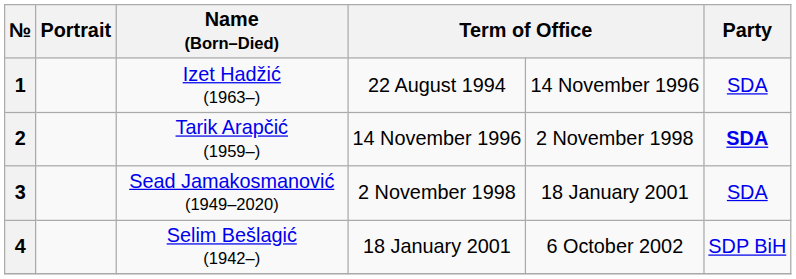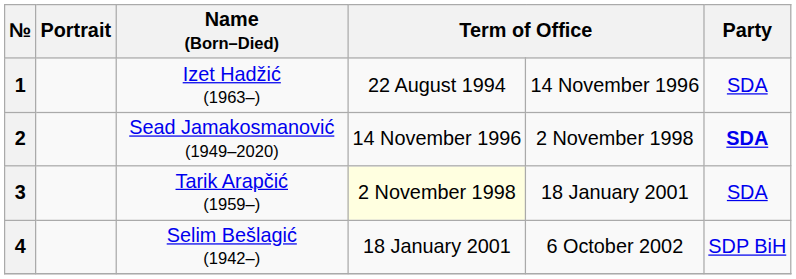 <table class="wikitable" style="text-align:center">
 <tr ->
 <th>№</th>
 <th>Portrait</th>
 <th width=180>Name<br><small>(Born–Died)</small></th>
 <th colspan=2>Term of Office</th>
 <th>Party</th>
 </tr>
 <tr ->
 <th style="background:">1</th>
 <td></td>
 <td><a href='#'>Izet Hadžić</a><br><small>(1963–)</small></td>
 <td>22 August 1994</td>
 <td>14 November 1996</td>
 <td><a href='#'>SDA</a></td>
 </tr>
 <tr ->
 <th style="background:">2</th>
 <td></td>
-<td><a href='#'>Tarik Arapčić</a><br><small>(1959–)</small></td>
+<td><a href='#'>Sead Jamakosmanović</a><br><small>(1949–2020)</small></td>
 <td>14 November 1996</td>
 <td>2 November 1998</td>
 <td><strong><a href='#'>SDA</a></strong></td>
 </tr>
 <tr ->
 <th style="background:">3</th>
 <td></td>
-<td><a href='#'>Sead Jamakosmanović</a><br><small>(1949–2020)</small></td>
-<td>2 November 1998</td>
+<td><a href='#'>Tarik Arapčić</a><br><small>(1959–)</small></td>
+<td style="background: lightyellow;">2 November 1998</td>
 <td>18 January 2001</td>
 <td><a href='#'>SDA</a></td>
 </tr>
 <tr ->
 <th style="background:">4</th>
 <td></td>
 <td><a href='#'>Selim Bešlagić</a><br><small>(1942–)</small></td>
 <td>18 January 2001</td>
 <td>6 October 2002</td>
 <td><a href='#'>SDP BiH</a></td>
 </tr>
 <tr ->
 </tr>
 </table>
